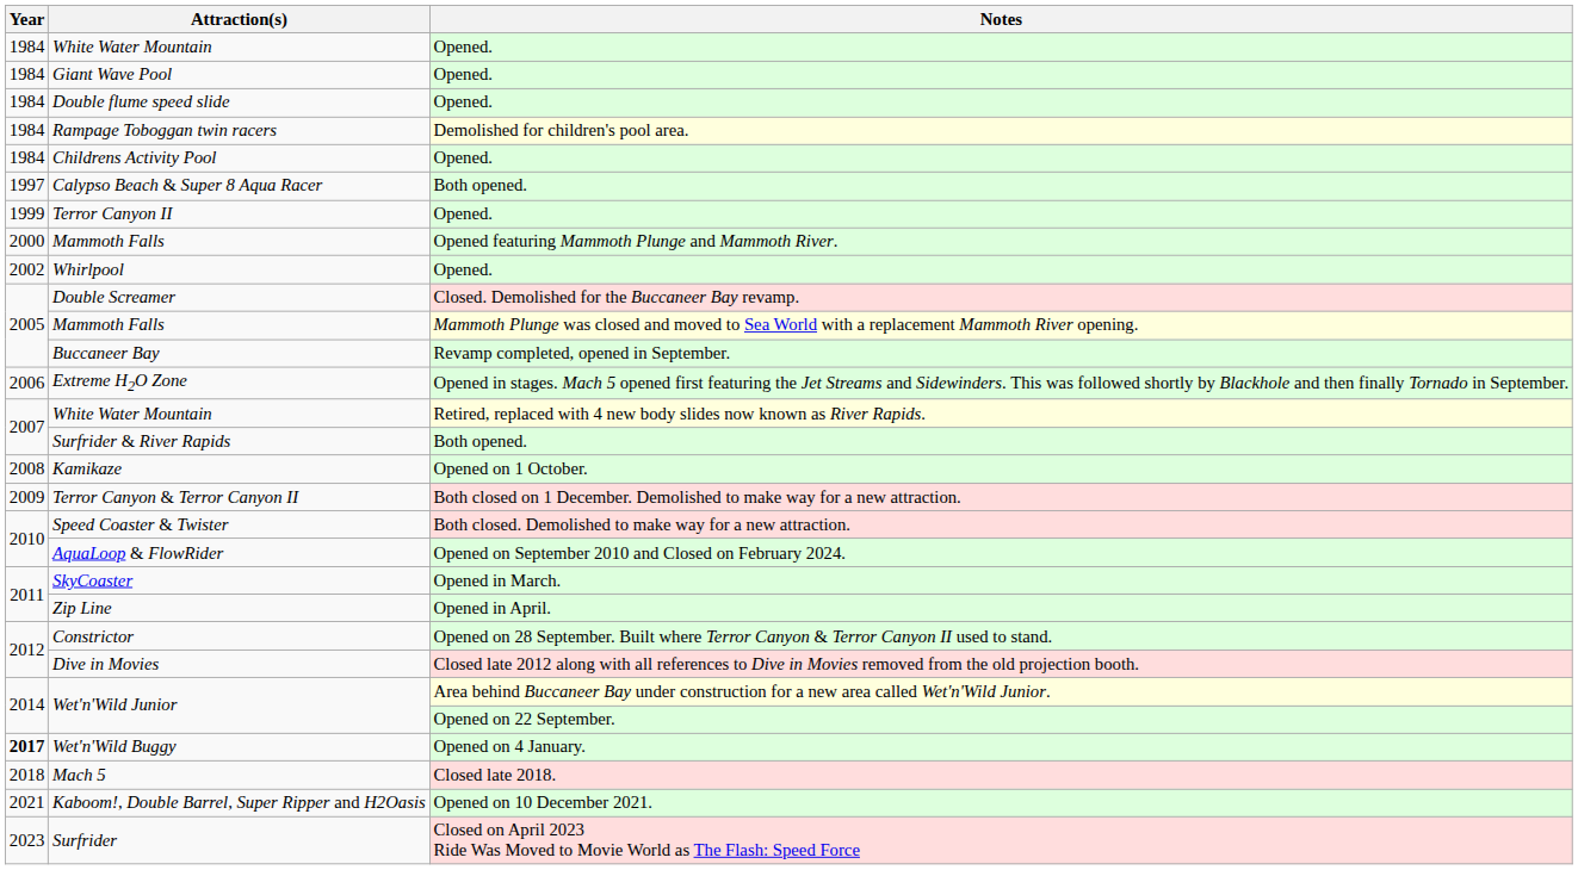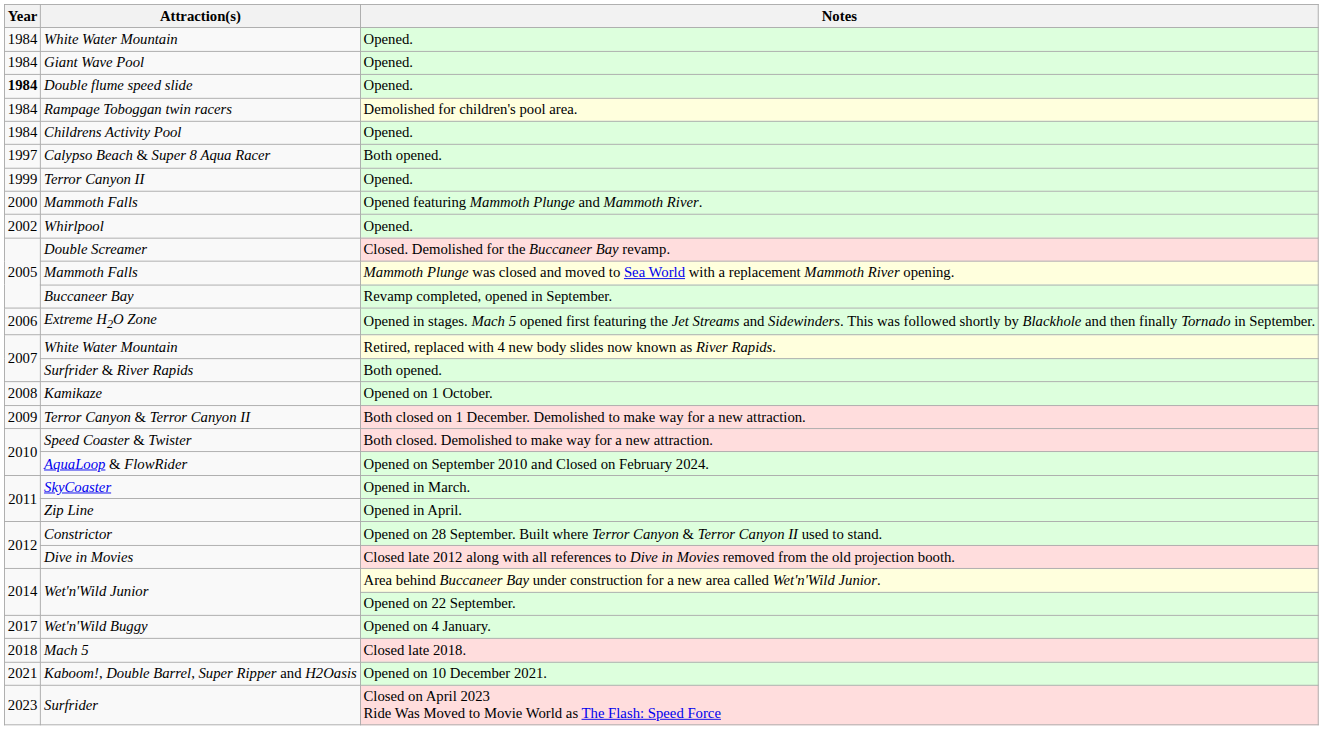 <table class="wikitable sortable">
 <tr>
 <th>Year</th>
 <th>Attraction(s)</th>
 <th>Notes</th>
 </tr>
 <tr>
 <td align="center">1984</td>
 <td><em>White Water Mountain</em></td>
 <td bgcolor="#ddffdd">Opened.</td>
 </tr>
 <tr>
 <td align="center">1984</td>
 <td><em>Giant Wave Pool</em></td>
 <td bgcolor="#ddffdd">Opened.</td>
 </tr>
 <tr>
-<td align="center">1984</td>
+<td align="center"><strong>1984</strong></td>
 <td><em>Double flume speed slide</em></td>
 <td bgcolor="#ddffdd">Opened.</td>
 </tr>
 <tr>
 <td align="center">1984</td>
 <td><em>Rampage Toboggan twin racers</em></td>
 <td bgcolor="#ffffdd">Demolished for children's pool area.</td>
 </tr>
 <tr>
 <td align="center">1984</td>
 <td><em>Childrens Activity Pool</em></td>
 <td bgcolor="#ddffdd">Opened.</td>
 </tr>
 <tr>
 <td align="center">1997</td>
 <td><em>Calypso Beach</em> & <em>Super 8 Aqua Racer</em></td>
 <td bgcolor="#ddffdd">Both opened.</td>
 </tr>
 <tr>
 <td align="center">1999</td>
 <td><em>Terror Canyon II</em></td>
 <td bgcolor="#ddffdd">Opened.</td>
 </tr>
 <tr>
 <td align="center">2000</td>
 <td><em>Mammoth Falls</em></td>
 <td bgcolor="#ddffdd">Opened featuring <em>Mammoth Plunge</em> and <em>Mammoth River</em>.</td>
 </tr>
 <tr>
 <td align="center">2002</td>
 <td><em>Whirlpool</em></td>
 <td bgcolor="#ddffdd">Opened.</td>
 </tr>
 <tr>
 <td align="center" rowspan="3">2005</td>
 <td><em>Double Screamer</em></td>
 <td bgcolor="#ffdddd">Closed. Demolished for the <em>Buccaneer Bay</em> revamp.<br></td>
 </tr>
 <tr>
 <td><em>Mammoth Falls</em></td>
 <td bgcolor="#ffffdd"><em>Mammoth Plunge</em> was closed and moved to <a href='#'>Sea World</a> with a replacement <em>Mammoth River</em> opening.</td>
 </tr>
 <tr>
 <td><em>Buccaneer Bay</em></td>
 <td bgcolor="#ddffdd">Revamp completed, opened in September.</td>
 </tr>
 <tr>
 <td align="center">2006</td>
 <td><em>Extreme H<sub>2</sub>O Zone</em></td>
 <td bgcolor="#ddffdd">Opened in stages. <em>Mach 5</em> opened first featuring the <em>Jet Streams</em> and <em>Sidewinders</em>. This was followed shortly by <em>Blackhole</em> and then finally <em>Tornado</em> in September.</td>
 </tr>
 <tr>
 <td align="center" rowspan="2">2007</td>
 <td><em>White Water Mountain</em></td>
 <td bgcolor="#ffffdd">Retired, replaced with 4 new body slides now known as <em>River Rapids</em>.</td>
 </tr>
 <tr>
 <td><em>Surfrider</em> & <em>River Rapids</em></td>
 <td bgcolor="#ddffdd">Both opened.</td>
 </tr>
 <tr>
 <td align="center">2008</td>
 <td><em>Kamikaze</em></td>
 <td bgcolor="#ddffdd">Opened on 1 October.</td>
 </tr>
 <tr>
 <td align="center">2009</td>
 <td><em>Terror Canyon</em> & <em>Terror Canyon II</em></td>
 <td bgcolor="#ffdddd">Both closed on 1 December. Demolished to make way for a new attraction.</td>
 </tr>
 <tr>
 <td align="center" rowspan="2">2010</td>
 <td><em>Speed Coaster</em> & <em>Twister</em></td>
 <td bgcolor="#ffdddd">Both closed. Demolished to make way for a new attraction.</td>
 </tr>
 <tr>
 <td><em><a href='#'>AquaLoop</a></em> & <em>FlowRider</em></td>
 <td bgcolor="#ddffdd">Opened on September 2010 and Closed on February 2024.</td>
 </tr>
 <tr>
 <td align="center" rowspan="2">2011</td>
 <td><em><a href='#'>SkyCoaster</a></em></td>
 <td bgcolor="#ddffdd">Opened in March.</td>
 </tr>
 <tr>
 <td><em>Zip Line</em></td>
 <td bgcolor="#ddffdd">Opened in April.</td>
 </tr>
 <tr>
 <td align="center" rowspan="2">2012</td>
 <td><em>Constrictor</em></td>
 <td bgcolor="#ddffdd">Opened on 28 September. Built where <em>Terror Canyon</em> & <em>Terror Canyon II</em> used to stand.</td>
 </tr>
 <tr>
 <td><em>Dive in Movies</em></td>
 <td bgcolor="#ffdddd">Closed late 2012 along with all references to <em>Dive in Movies</em> removed from the old projection booth.</td>
 </tr>
 <tr>
 <td align="center" rowspan="2">2014</td>
 <td rowspan="2"><em>Wet'n'Wild Junior</em></td>
 <td bgcolor="#ffffdd">Area behind <em>Buccaneer Bay</em> under construction for a new area called <em>Wet'n'Wild Junior</em>.</td>
 </tr>
 <tr>
 <td bgcolor="#ddffdd">Opened on 22 September.</td>
 </tr>
 <tr>
-<td align="center"><strong>2017</strong></td>
+<td align="center">2017</td>
 <td><em>Wet'n'Wild Buggy</em></td>
 <td bgcolor="#ddffdd">Opened on 4 January.</td>
 </tr>
 <tr>
 <td align="center">2018</td>
 <td><em>Mach 5</em></td>
 <td bgcolor="#ffdddd">Closed late 2018.</td>
 </tr>
 <tr>
 <td align="center">2021</td>
 <td><em>Kaboom!</em>, <em>Double Barrel</em>, <em>Super Ripper</em> and <em>H2Oasis</em></td>
 <td bgcolor="#ddffdd">Opened on 10 December 2021.</td>
 </tr>
 <tr>
 <td align="center">2023</td>
 <td><em>Surfrider</em></td>
 <td bgcolor="#ffdddd">Closed on April 2023<br>Ride Was Moved to Movie World as <a href='#'>The Flash: Speed Force</a></td>
 </tr>
 </table>
